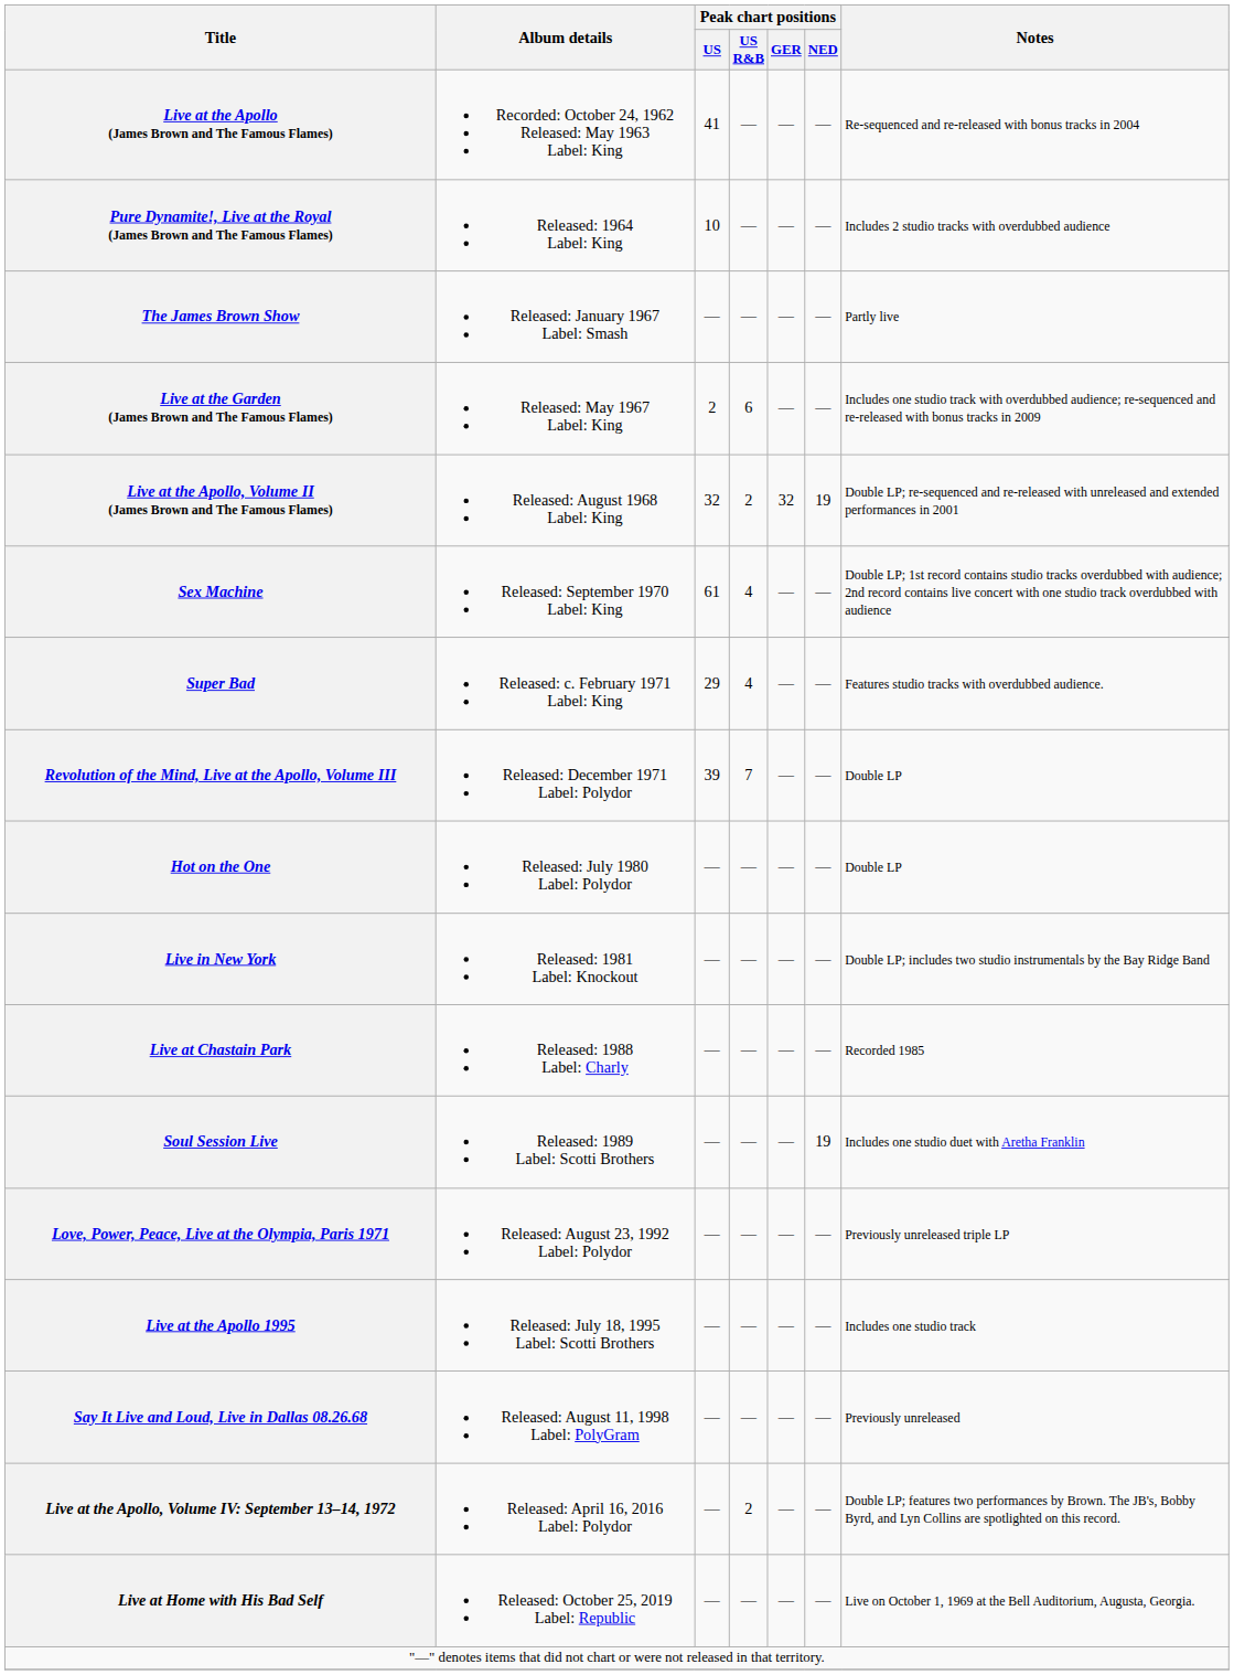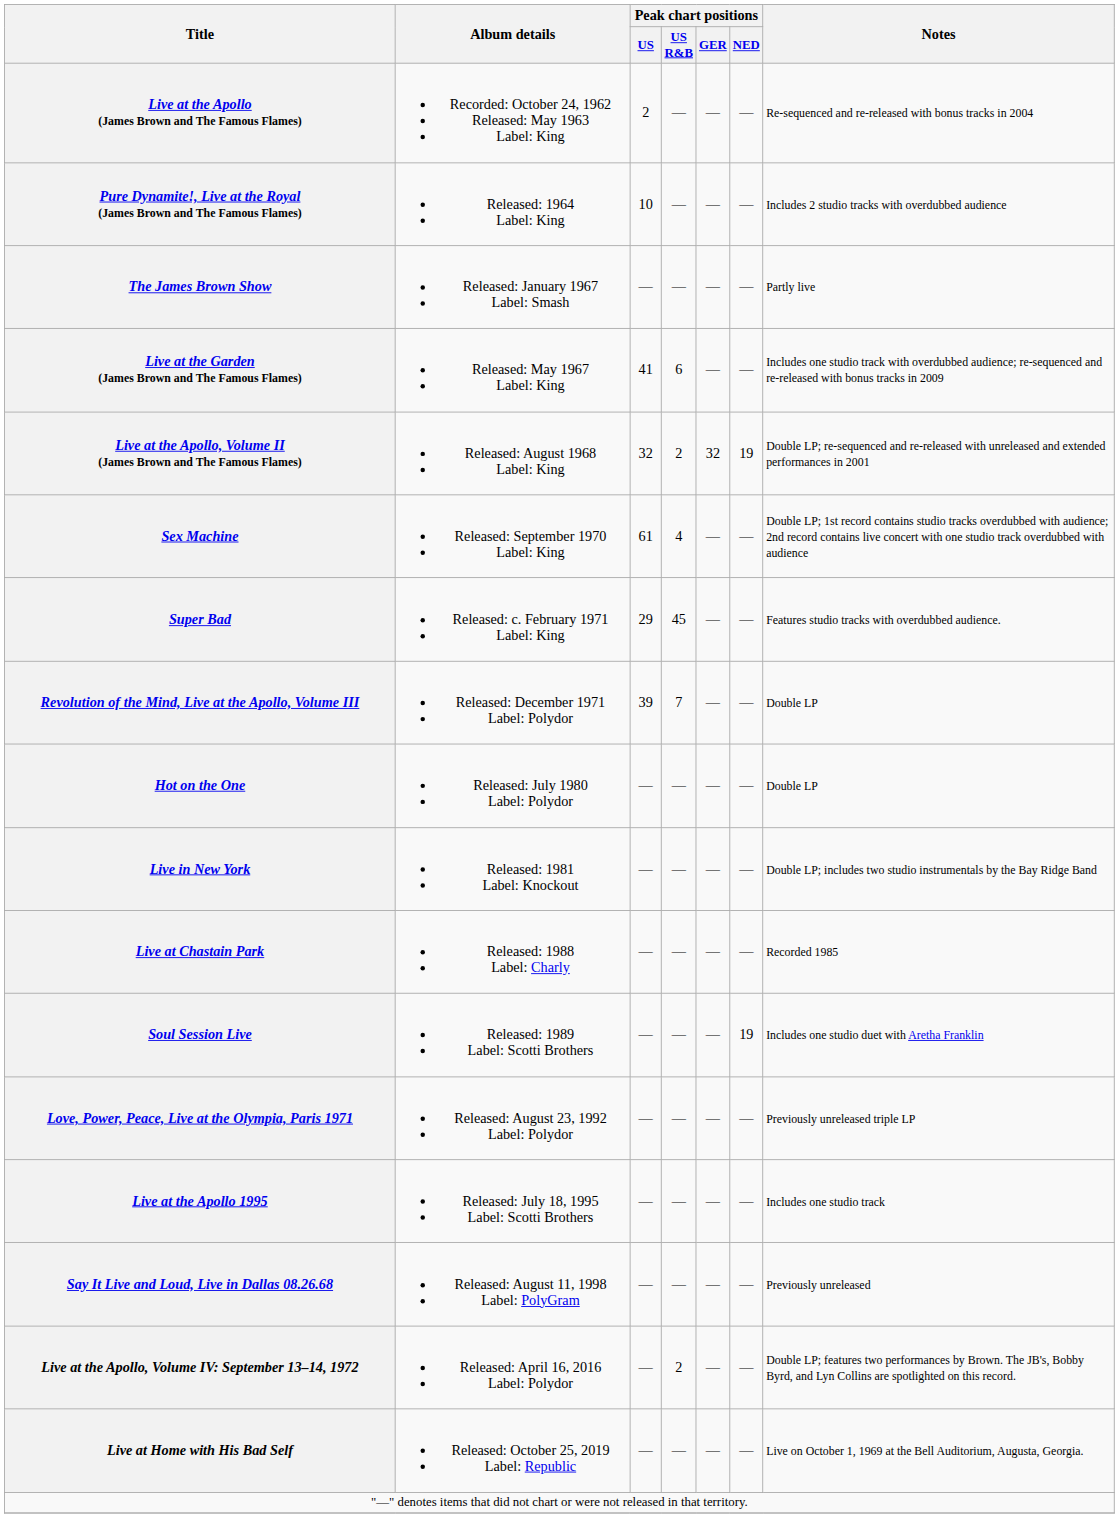 <table class="wikitable plainrowheaders" style="text-align:center;">
 <tr>
 <th scope="col" rowspan="2" style="width:27em;">Title</th>
 <th scope="col" rowspan="2" style="width:16em;">Album details</th>
 <th scope="col" colspan="4">Peak chart positions</th>
 <th scope="col" rowspan="2">Notes</th>
 </tr>
 <tr>
 <th style="width:2em;font-size:90%;"><a href='#'>US</a><br></th>
 <th style="width:2em;font-size:90%;"><a href='#'>US<br>R&B</a><br></th>
 <th style="width:2em;font-size:90%;"><a href='#'>GER</a><br></th>
 <th style="width:2em;font-size:90%;"><a href='#'>NED</a><br></th>
 </tr>
 <tr>
 <th scope="row"><em><a href='#'>Live at the Apollo</a></em><br><small>(James Brown and The Famous Flames)</small></th>
 <td><br><ul><li>Recorded: October 24, 1962</li><li>Released: May 1963</li><li>Label: King</li></ul></td>
-<td>41</td>
+<td>2</td>
 <td>—</td>
 <td>—</td>
 <td>—</td>
 <td style="text-align:left;"><small>Re-sequenced and re-released with bonus tracks in 2004</small></td>
 </tr>
 <tr>
 <th scope="row"><em><a href='#'>Pure Dynamite!, Live at the Royal</a></em><br><small>(James Brown and The Famous Flames)</small></th>
 <td><br><ul><li>Released: 1964</li><li>Label: King</li></ul></td>
 <td>10</td>
 <td>—</td>
 <td>—</td>
 <td>—</td>
 <td style="text-align:left;"><small>Includes 2 studio tracks with overdubbed audience</small></td>
 </tr>
 <tr>
 <th scope="row"><em><a href='#'>The James Brown Show</a></em></th>
 <td><br><ul><li>Released: January 1967</li><li>Label: Smash</li></ul></td>
 <td>—</td>
 <td>—</td>
 <td>—</td>
 <td>—</td>
 <td style="text-align:left;"><small>Partly live</small></td>
 </tr>
 <tr>
 <th scope="row"><em><a href='#'>Live at the Garden</a></em><br><small>(James Brown and The Famous Flames)</small></th>
 <td><br><ul><li>Released: May 1967</li><li>Label: King</li></ul></td>
-<td>2</td>
+<td>41</td>
 <td>6</td>
 <td>—</td>
 <td>—</td>
 <td style="text-align:left;"><small>Includes one studio track with overdubbed audience; re-sequenced and re-released with bonus tracks in 2009</small></td>
 </tr>
 <tr>
 <th scope="row"><em><a href='#'>Live at the Apollo, Volume II</a></em><br><small>(James Brown and The Famous Flames)</small></th>
 <td><br><ul><li>Released: August 1968</li><li>Label: King</li></ul></td>
 <td>32</td>
 <td>2</td>
 <td>32</td>
 <td>19</td>
 <td style="text-align:left;"><small>Double LP; re-sequenced and re-released with unreleased and extended performances in 2001</small></td>
 </tr>
 <tr>
 <th scope="row"><em><a href='#'>Sex Machine</a></em></th>
 <td><br><ul><li>Released: September 1970</li><li>Label: King</li></ul></td>
 <td>61</td>
 <td>4</td>
 <td>—</td>
 <td>—</td>
 <td style="text-align:left;"><small>Double LP; 1st record contains studio tracks overdubbed with audience; 2nd record contains live concert with one studio track overdubbed with audience</small></td>
 </tr>
 <tr>
 <th scope="row"><em><a href='#'>Super Bad</a></em></th>
 <td><br><ul><li>Released: c. February 1971</li><li>Label: King</li></ul></td>
 <td>29</td>
-<td>4</td>
+<td>45</td>
 <td>—</td>
 <td>—</td>
 <td style="text-align:left;"><small>Features studio tracks with overdubbed audience.</small></td>
 </tr>
 <tr>
 <th scope="row"><em><a href='#'>Revolution of the Mind, Live at the Apollo, Volume III</a></em></th>
 <td><br><ul><li>Released: December 1971</li><li>Label: Polydor</li></ul></td>
 <td>39</td>
 <td>7</td>
 <td>—</td>
 <td>—</td>
 <td style="text-align:left;"><small>Double LP</small></td>
 </tr>
 <tr>
 <th scope="row"><em><a href='#'>Hot on the One</a></em></th>
 <td><br><ul><li>Released: July 1980</li><li>Label: Polydor</li></ul></td>
 <td>—</td>
 <td>—</td>
 <td>—</td>
 <td>—</td>
 <td style="text-align:left;"><small>Double LP</small></td>
 </tr>
 <tr>
 <th scope="row"><em><a href='#'>Live in New York</a></em></th>
 <td><br><ul><li>Released: 1981</li><li>Label: Knockout</li></ul></td>
 <td>—</td>
 <td>—</td>
 <td>—</td>
 <td>—</td>
 <td style="text-align:left;"><small>Double LP; includes two studio instrumentals by the Bay Ridge Band</small></td>
 </tr>
 <tr>
 <th scope="row"><em><a href='#'>Live at Chastain Park</a></em></th>
 <td><br><ul><li>Released: 1988</li><li>Label: <a href='#'>Charly</a></li></ul></td>
 <td>—</td>
 <td>—</td>
 <td>—</td>
 <td>—</td>
 <td style="text-align:left;"><small>Recorded 1985</small></td>
 </tr>
 <tr>
 <th scope="row"><em><a href='#'>Soul Session Live</a></em></th>
 <td><br><ul><li>Released: 1989</li><li>Label: Scotti Brothers</li></ul></td>
 <td>—</td>
 <td>—</td>
 <td>—</td>
 <td>19</td>
 <td style="text-align:left;"><small>Includes one studio duet with <a href='#'>Aretha Franklin</a></small></td>
 </tr>
 <tr>
 <th scope="row"><em><a href='#'>Love, Power, Peace, Live at the Olympia, Paris 1971</a></em></th>
 <td><br><ul><li>Released: August 23, 1992</li><li>Label: Polydor</li></ul></td>
 <td>—</td>
 <td>—</td>
 <td>—</td>
 <td>—</td>
 <td style="text-align:left;"><small>Previously unreleased triple LP</small></td>
 </tr>
 <tr>
 <th scope="row"><em><a href='#'>Live at the Apollo 1995</a></em></th>
 <td><br><ul><li>Released: July 18, 1995</li><li>Label: Scotti Brothers</li></ul></td>
 <td>—</td>
 <td>—</td>
 <td>—</td>
 <td>—</td>
 <td style="text-align:left;"><small>Includes one studio track</small></td>
 </tr>
 <tr>
 <th scope="row"><em><a href='#'>Say It Live and Loud, Live in Dallas 08.26.68</a></em></th>
 <td><br><ul><li>Released: August 11, 1998</li><li>Label: <a href='#'>PolyGram</a></li></ul></td>
 <td>—</td>
 <td>—</td>
 <td>—</td>
 <td>—</td>
 <td style="text-align:left;"><small>Previously unreleased</small></td>
 </tr>
 <tr>
 <th scope="row"><em>Live at the Apollo, Volume IV: September 13–14, 1972</em></th>
 <td><br><ul><li>Released: April 16, 2016</li><li>Label: Polydor</li></ul></td>
 <td>—</td>
 <td>2</td>
 <td>—</td>
 <td>—</td>
 <td style="text-align:left;"><small>Double LP; features two performances by Brown. The JB's, Bobby Byrd, and Lyn Collins are spotlighted on this record.</small></td>
 </tr>
 <tr>
 <th scope="row"><em>Live at Home with His Bad Self</em></th>
 <td><br><ul><li>Released: October 25, 2019</li><li>Label: <a href='#'>Republic</a></li></ul></td>
 <td>—</td>
 <td>—</td>
 <td>—</td>
 <td>—</td>
 <td style="text-align:left;"><small>Live on October 1, 1969 at the Bell Auditorium, Augusta, Georgia.</small></td>
 </tr>
 <tr>
 <td colspan="15" style="font-size:90%">"—" denotes items that did not chart or were not released in that territory.</td>
 </tr>
 <tr>
 </tr>
 </table>
